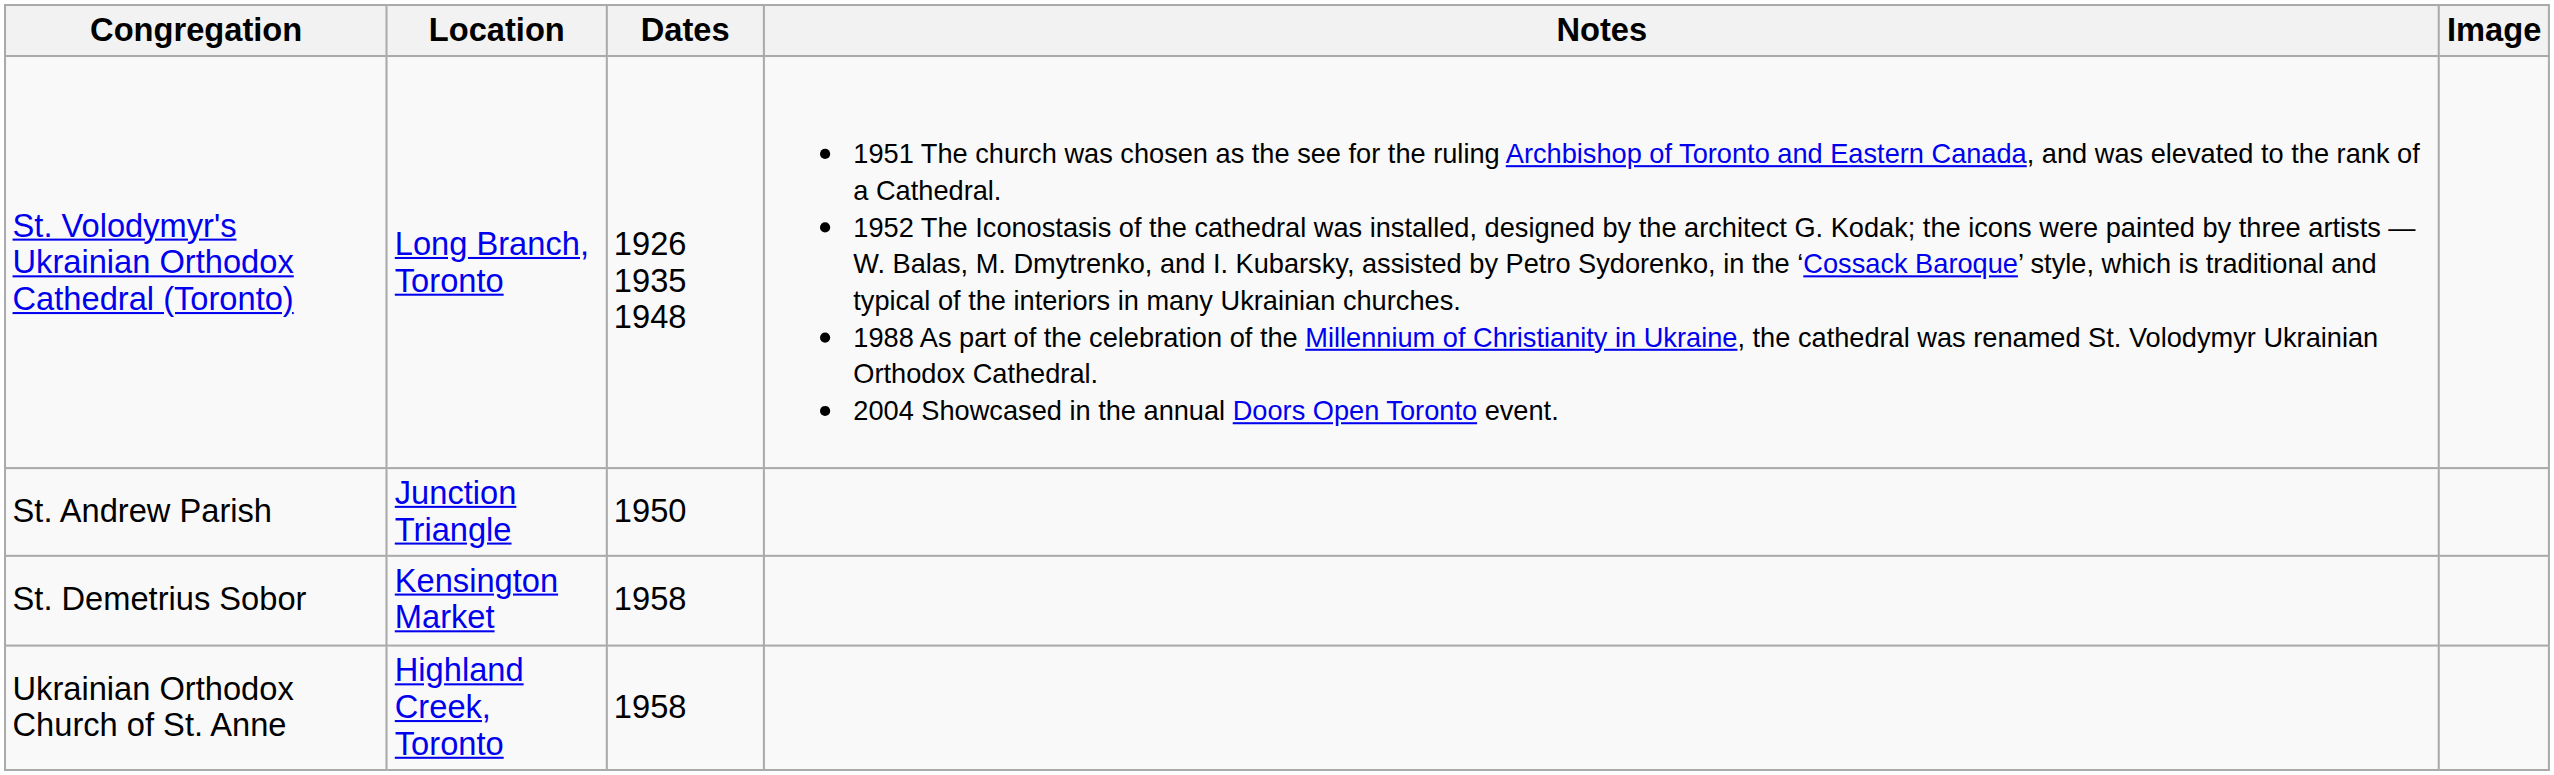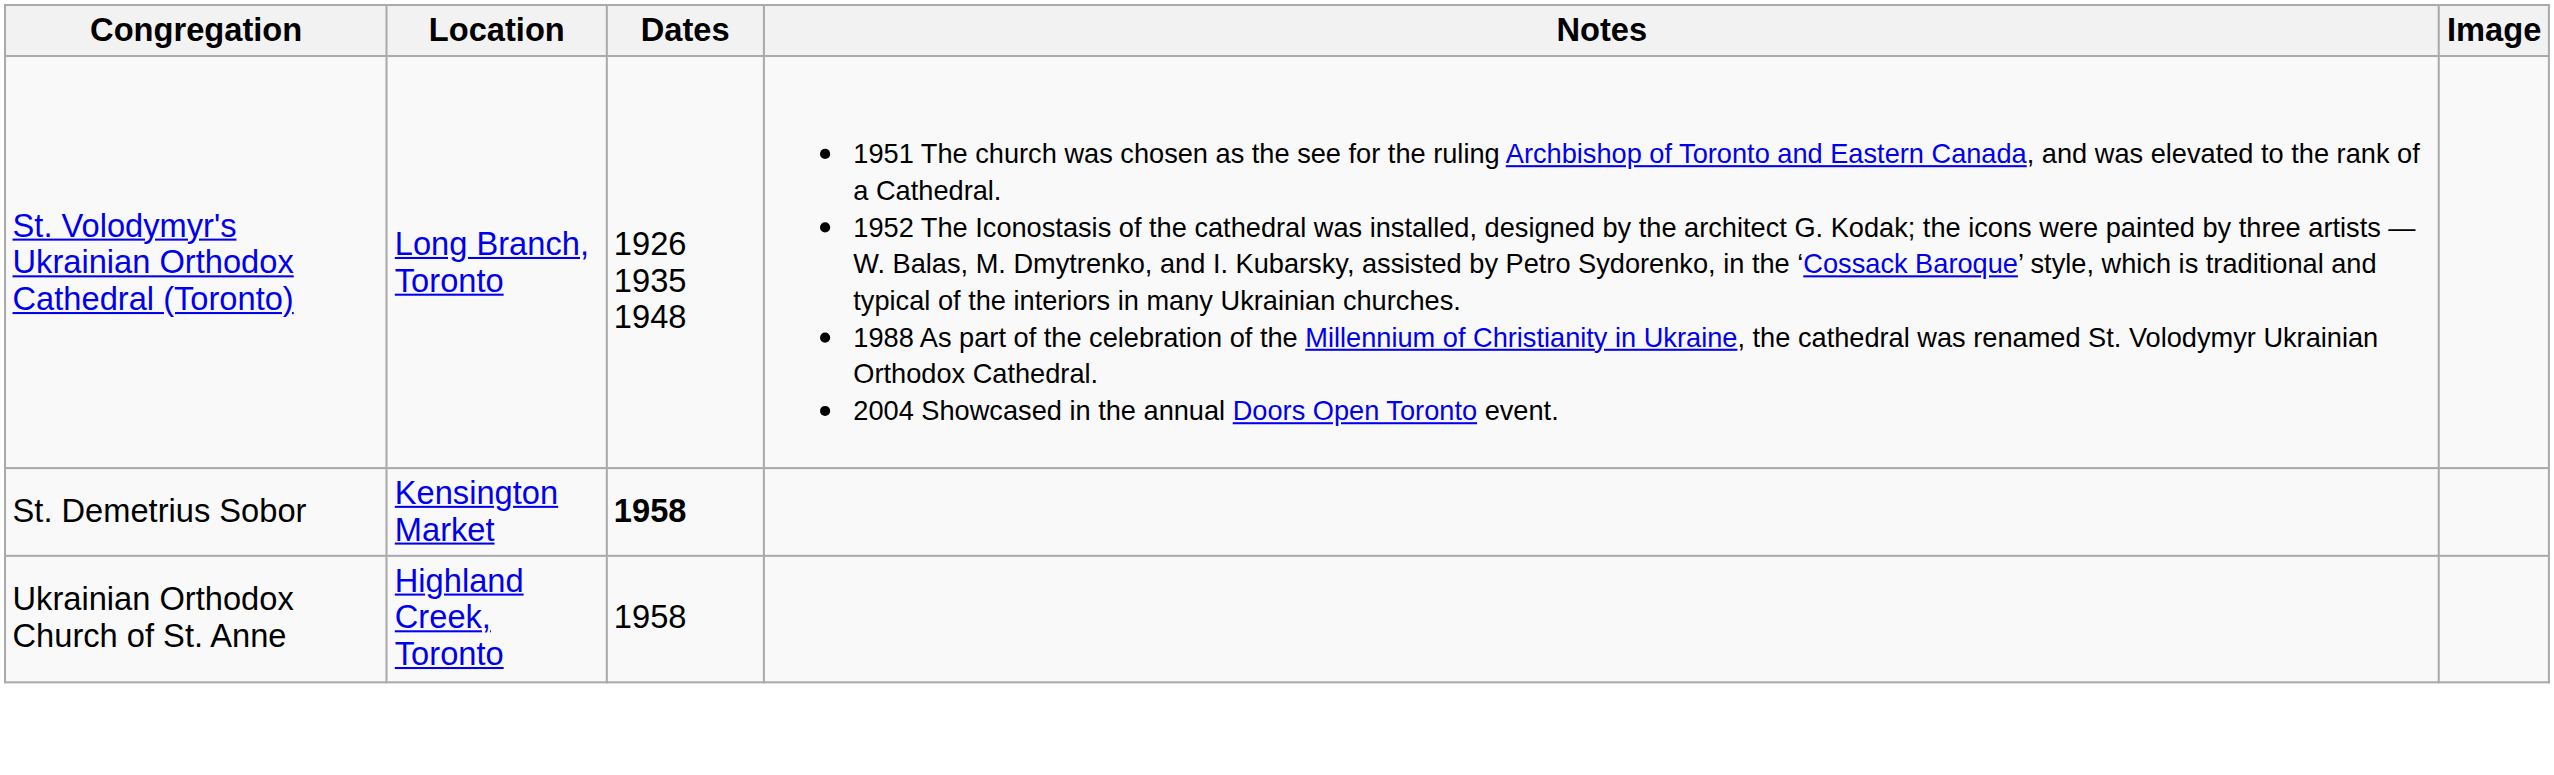 <table class="wikitable">
 <tr>
 <th width=180>Congregation</th>
 <th width=100>Location</th>
 <th width=70>Dates</th>
 <th>Notes</th>
 <th>Image</th>
 </tr>
 <tr>
 <td><a href='#'>St. Volodymyr's Ukrainian Orthodox Cathedral (Toronto)</a></td>
 <td><a href='#'>Long Branch, Toronto</a></td>
 <td><br>1926<br> 1935<br> 1948</td>
 <td><br><ul><li><small>1951 The church was chosen as the see for the ruling <a href='#'>Archbishop of Toronto and Eastern Canada</a>, and was elevated to the rank of a Cathedral.</small></li><li><small>1952 The Iconostasis of the cathedral was installed, designed by the architect G. Kodak; the icons were painted by three artists — W. Balas, M. Dmytrenko, and I. Kubarsky, assisted by Petro Sydorenko, in the ‘<a href='#'>Cossack Baroque</a>’ style, which is traditional and typical of the interiors in many Ukrainian churches.</small></li><li><small>1988 As part of the celebration of the <a href='#'>Millennium of Christianity in Ukraine</a>, the cathedral was renamed St. Volodymyr Ukrainian Orthodox Cathedral.</small></li><li><small>2004 Showcased in the annual <a href='#'>Doors Open Toronto</a> event.</small></li></ul></td>
 <td></td>
 </tr>
 <tr>
-<td>St. Andrew Parish</td>
-<td><a href='#'>Junction Triangle</a></td>
-<td>1950</td>
-<td></td>
-<td></td>
-</tr>
-<tr>
 <td>St. Demetrius Sobor</td>
 <td><a href='#'>Kensington Market</a></td>
-<td>1958</td>
+<td><strong>1958</strong></td>
 <td></td>
 <td></td>
 </tr>
 <tr>
 <td>Ukrainian Orthodox Church of St. Anne</td>
 <td><a href='#'>Highland Creek, Toronto</a></td>
 <td>1958</td>
 <td></td>
 <td></td>
 </tr>
 </table>
